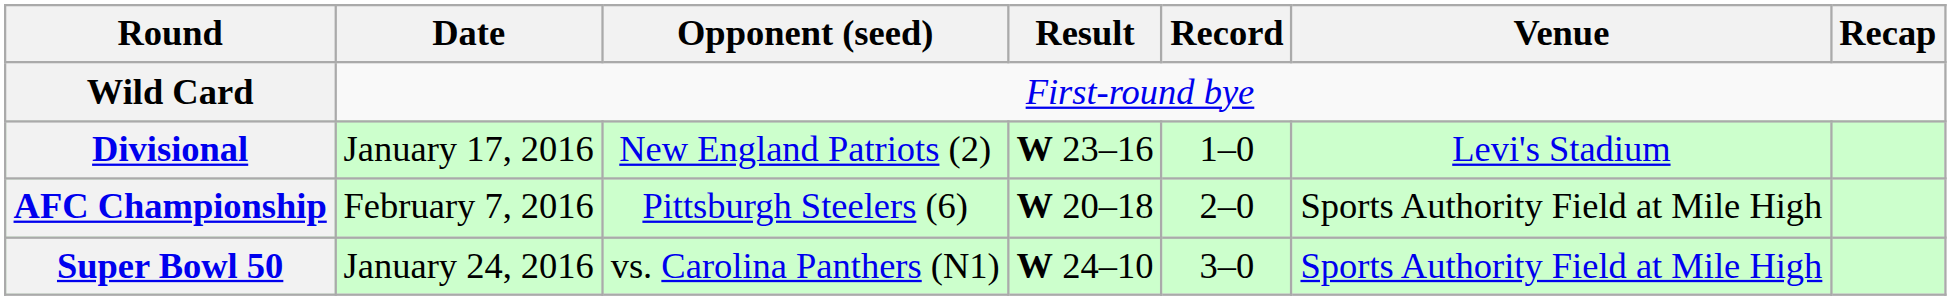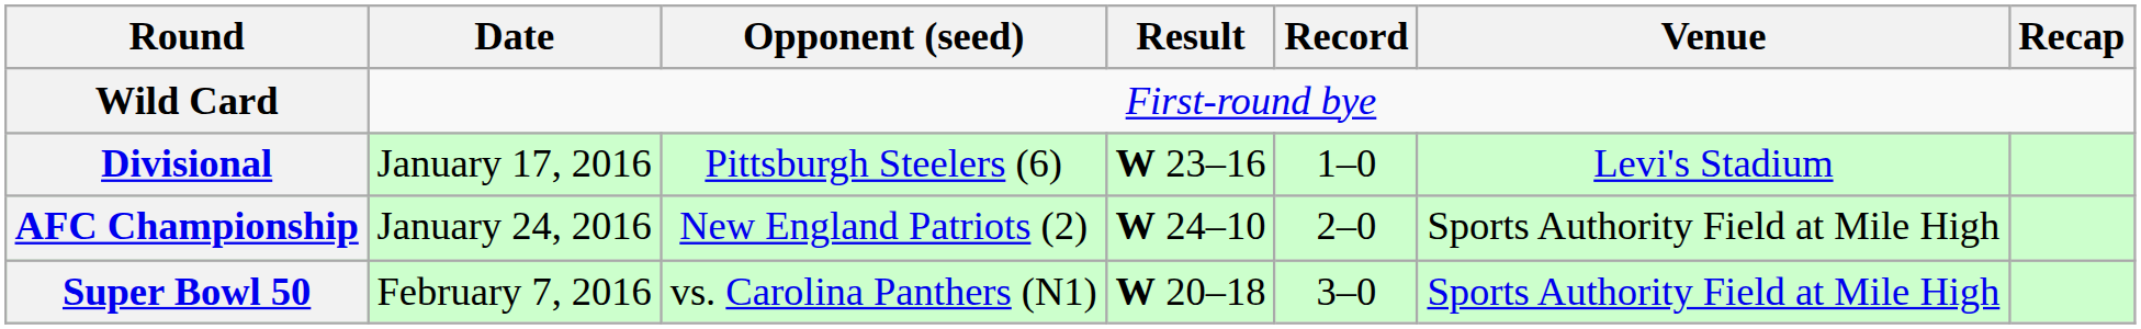 <table class="wikitable" style="text-align:center">
 <tr>
 <th>Round</th>
 <th>Date</th>
 <th>Opponent (seed)</th>
 <th>Result</th>
 <th>Record</th>
 <th>Venue</th>
 <th>Recap</th>
 </tr>
 <tr>
 <th>Wild Card</th>
 <td colspan="6"><em><a href='#'>First-round bye</a></em></td>
 </tr>
 <tr style="background:#cfc">
 <th><a href='#'>Divisional</a></th>
 <td>January 17, 2016</td>
-<td><a href='#'>New England Patriots</a> (2)</td>
+<td><a href='#'>Pittsburgh Steelers</a> (6)</td>
 <td><strong>W</strong> 23–16</td>
 <td>1–0</td>
 <td><a href='#'>Levi's Stadium</a></td>
 <td></td>
 </tr>
 <tr style="background:#cfc">
 <th><a href='#'>AFC Championship</a></th>
-<td>February 7, 2016</td>
-<td><a href='#'>Pittsburgh Steelers</a> (6)</td>
-<td><strong>W</strong> 20–18</td>
+<td>January 24, 2016</td>
+<td><a href='#'>New England Patriots</a> (2)</td>
+<td><strong>W</strong> 24–10</td>
 <td>2–0</td>
 <td>Sports Authority Field at Mile High</td>
 <td></td>
 </tr>
 <tr style="background:#cfc">
 <th><a href='#'>Super Bowl 50</a></th>
-<td>January 24, 2016</td>
+<td>February 7, 2016</td>
 <td>vs. <a href='#'>Carolina Panthers</a> (N1)</td>
-<td><strong>W</strong> 24–10</td>
+<td><strong>W</strong> 20–18</td>
 <td>3–0</td>
 <td><a href='#'>Sports Authority Field at Mile High</a></td>
 <td></td>
 </tr>
 </table>
